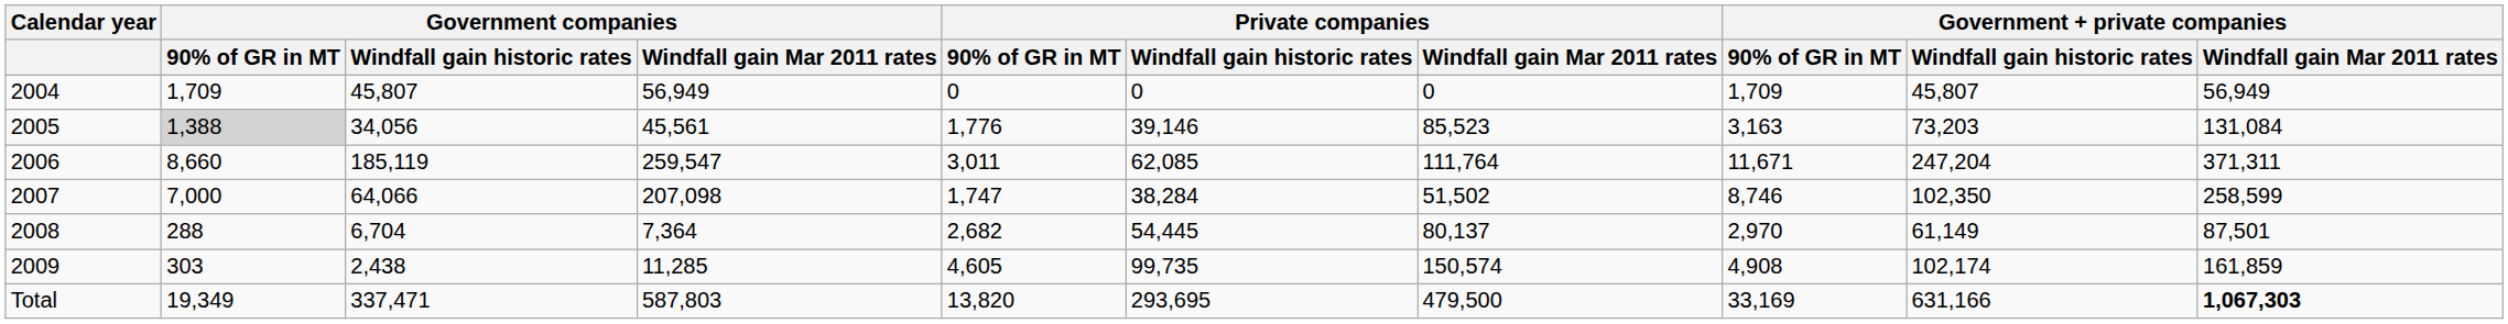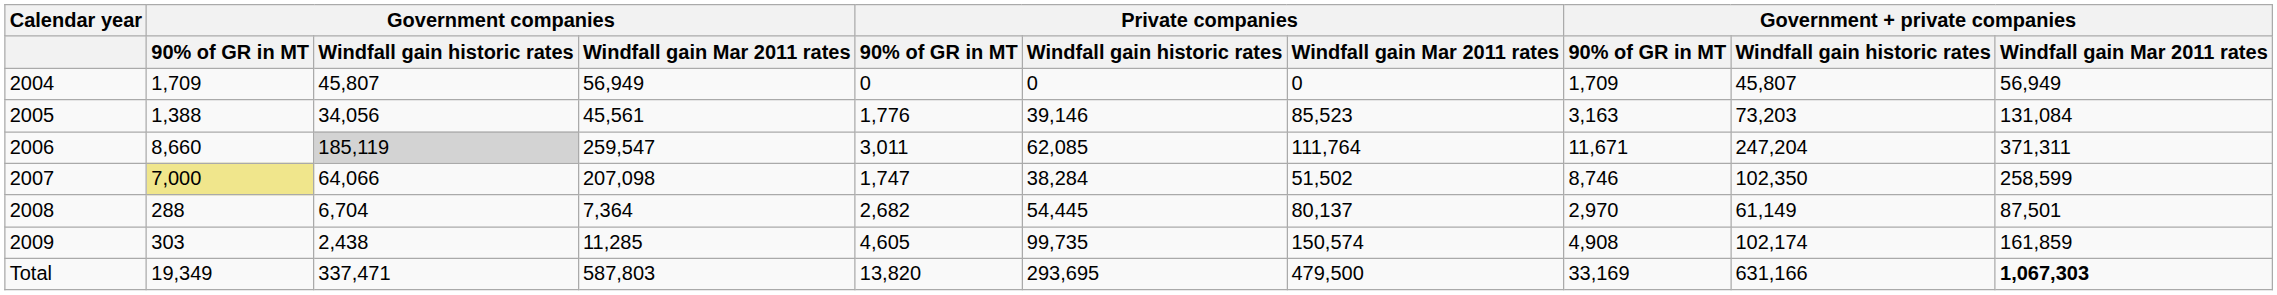 <table class="wikitable" style="float:right;">
 <tr>
 <th>Calendar year</th>
 <th colspan="3" style="text-align: center;"><strong>Government companies</strong></th>
 <th colspan="3" style="text-align: center;"><strong>Private companies</strong></th>
 <th colspan="3" style="text-align: center;"><strong>Government + private companies</strong></th>
 </tr>
 <tr>
 <th></th>
 <th>90% of GR in MT</th>
 <th>Windfall gain historic rates</th>
 <th>Windfall gain Mar 2011 rates</th>
 <th>90% of GR in MT</th>
 <th>Windfall gain historic rates</th>
 <th>Windfall gain Mar 2011 rates</th>
 <th>90% of GR in MT</th>
 <th>Windfall gain historic rates</th>
 <th>Windfall gain Mar 2011 rates</th>
 </tr>
 <tr>
 <td>2004</td>
 <td>1,709</td>
 <td>45,807</td>
 <td>56,949</td>
 <td>0</td>
 <td>0</td>
 <td>0</td>
 <td>1,709</td>
 <td>45,807</td>
 <td>56,949</td>
 </tr>
 <tr>
 <td>2005</td>
-<td style="background: lightgrey;">1,388</td>
+<td>1,388</td>
 <td>34,056</td>
 <td>45,561</td>
 <td>1,776</td>
 <td>39,146</td>
 <td>85,523</td>
 <td>3,163</td>
 <td>73,203</td>
 <td>131,084</td>
 </tr>
 <tr>
 <td>2006</td>
 <td>8,660</td>
-<td>185,119</td>
+<td style="background: lightgrey;">185,119</td>
 <td>259,547</td>
 <td>3,011</td>
 <td>62,085</td>
 <td>111,764</td>
 <td>11,671</td>
 <td>247,204</td>
 <td>371,311</td>
 </tr>
 <tr>
 <td>2007</td>
-<td>7,000</td>
+<td style="background: khaki;">7,000</td>
 <td>64,066</td>
 <td>207,098</td>
 <td>1,747</td>
 <td>38,284</td>
 <td>51,502</td>
 <td>8,746</td>
 <td>102,350</td>
 <td>258,599</td>
 </tr>
 <tr>
 <td>2008</td>
 <td>288</td>
 <td>6,704</td>
 <td>7,364</td>
 <td>2,682</td>
 <td>54,445</td>
 <td>80,137</td>
 <td>2,970</td>
 <td>61,149</td>
 <td>87,501</td>
 </tr>
 <tr>
 <td>2009</td>
 <td>303</td>
 <td>2,438</td>
 <td>11,285</td>
 <td>4,605</td>
 <td>99,735</td>
 <td>150,574</td>
 <td>4,908</td>
 <td>102,174</td>
 <td>161,859</td>
 </tr>
 <tr>
 <td>Total</td>
 <td>19,349</td>
 <td>337,471</td>
 <td>587,803</td>
 <td>13,820</td>
 <td>293,695</td>
 <td>479,500</td>
 <td>33,169</td>
 <td>631,166</td>
 <td><strong>1,067,303</strong></td>
 </tr>
 </table>
